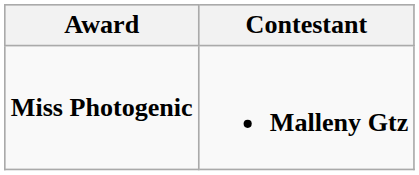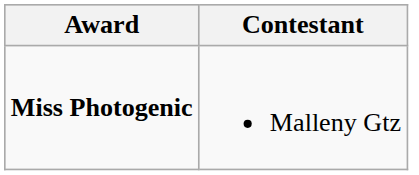 <table class="wikitable">
 <tr>
 <th>Award</th>
 <th>Contestant</th>
 </tr>
 <tr>
 <td align="center"><strong>Miss Photogenic</strong></td>
-<td><strong><br><ul><li>Malleny Gtz</li></ul></strong></td>
+<td><br><ul><li>Malleny Gtz</li></ul></td>
 </tr>
 </table>
